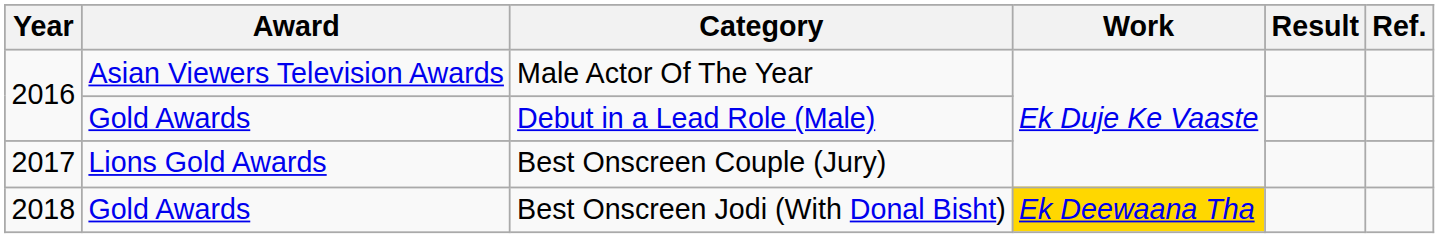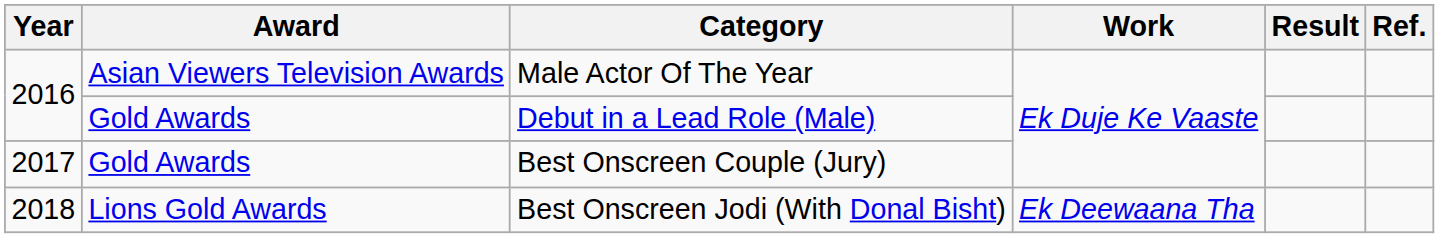 <table class="wikitable">
 <tr>
 <th>Year</th>
 <th>Award</th>
 <th>Category</th>
 <th>Work</th>
 <th>Result</th>
 <th>Ref.</th>
 </tr>
 <tr>
 <td rowspan="2">2016</td>
 <td><a href='#'>Asian Viewers Television Awards</a></td>
 <td>Male Actor Of The Year</td>
 <td rowspan="3"><em><a href='#'>Ek Duje Ke Vaaste</a></em></td>
 <td></td>
 <td></td>
 </tr>
 <tr>
 <td><a href='#'>Gold Awards</a></td>
 <td><a href='#'>Debut in a Lead Role (Male)</a></td>
 <td></td>
 <td></td>
 </tr>
 <tr>
 <td>2017</td>
-<td><a href='#'>Lions Gold Awards</a></td>
+<td><a href='#'>Gold Awards</a></td>
 <td>Best Onscreen Couple (Jury)</td>
 <td></td>
 <td></td>
 </tr>
 <tr>
 <td>2018</td>
-<td><a href='#'>Gold Awards</a></td>
+<td><a href='#'>Lions Gold Awards</a></td>
 <td>Best Onscreen Jodi (With <a href='#'>Donal Bisht</a>)</td>
-<td style="background: gold;"><em><a href='#'>Ek Deewaana Tha</a></em></td>
+<td><em><a href='#'>Ek Deewaana Tha</a></em></td>
 <td></td>
 <td></td>
 </tr>
 </table>
